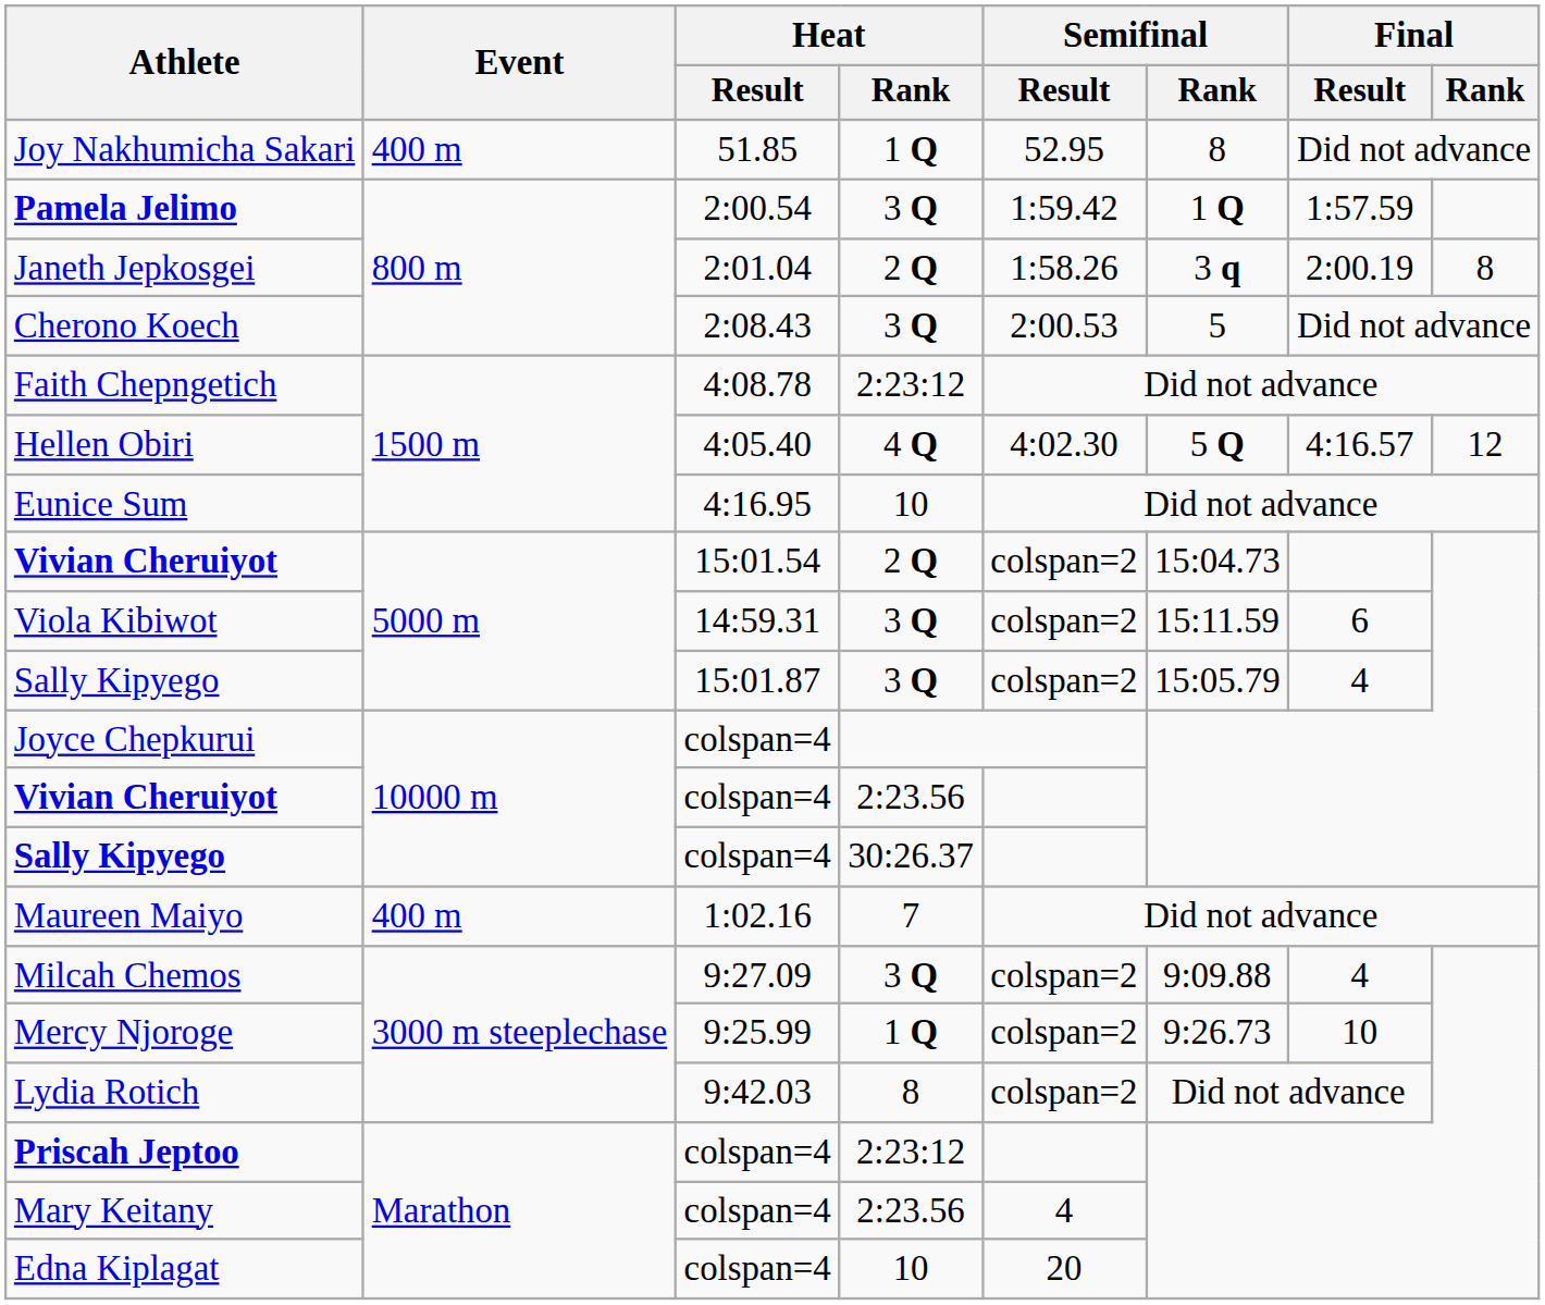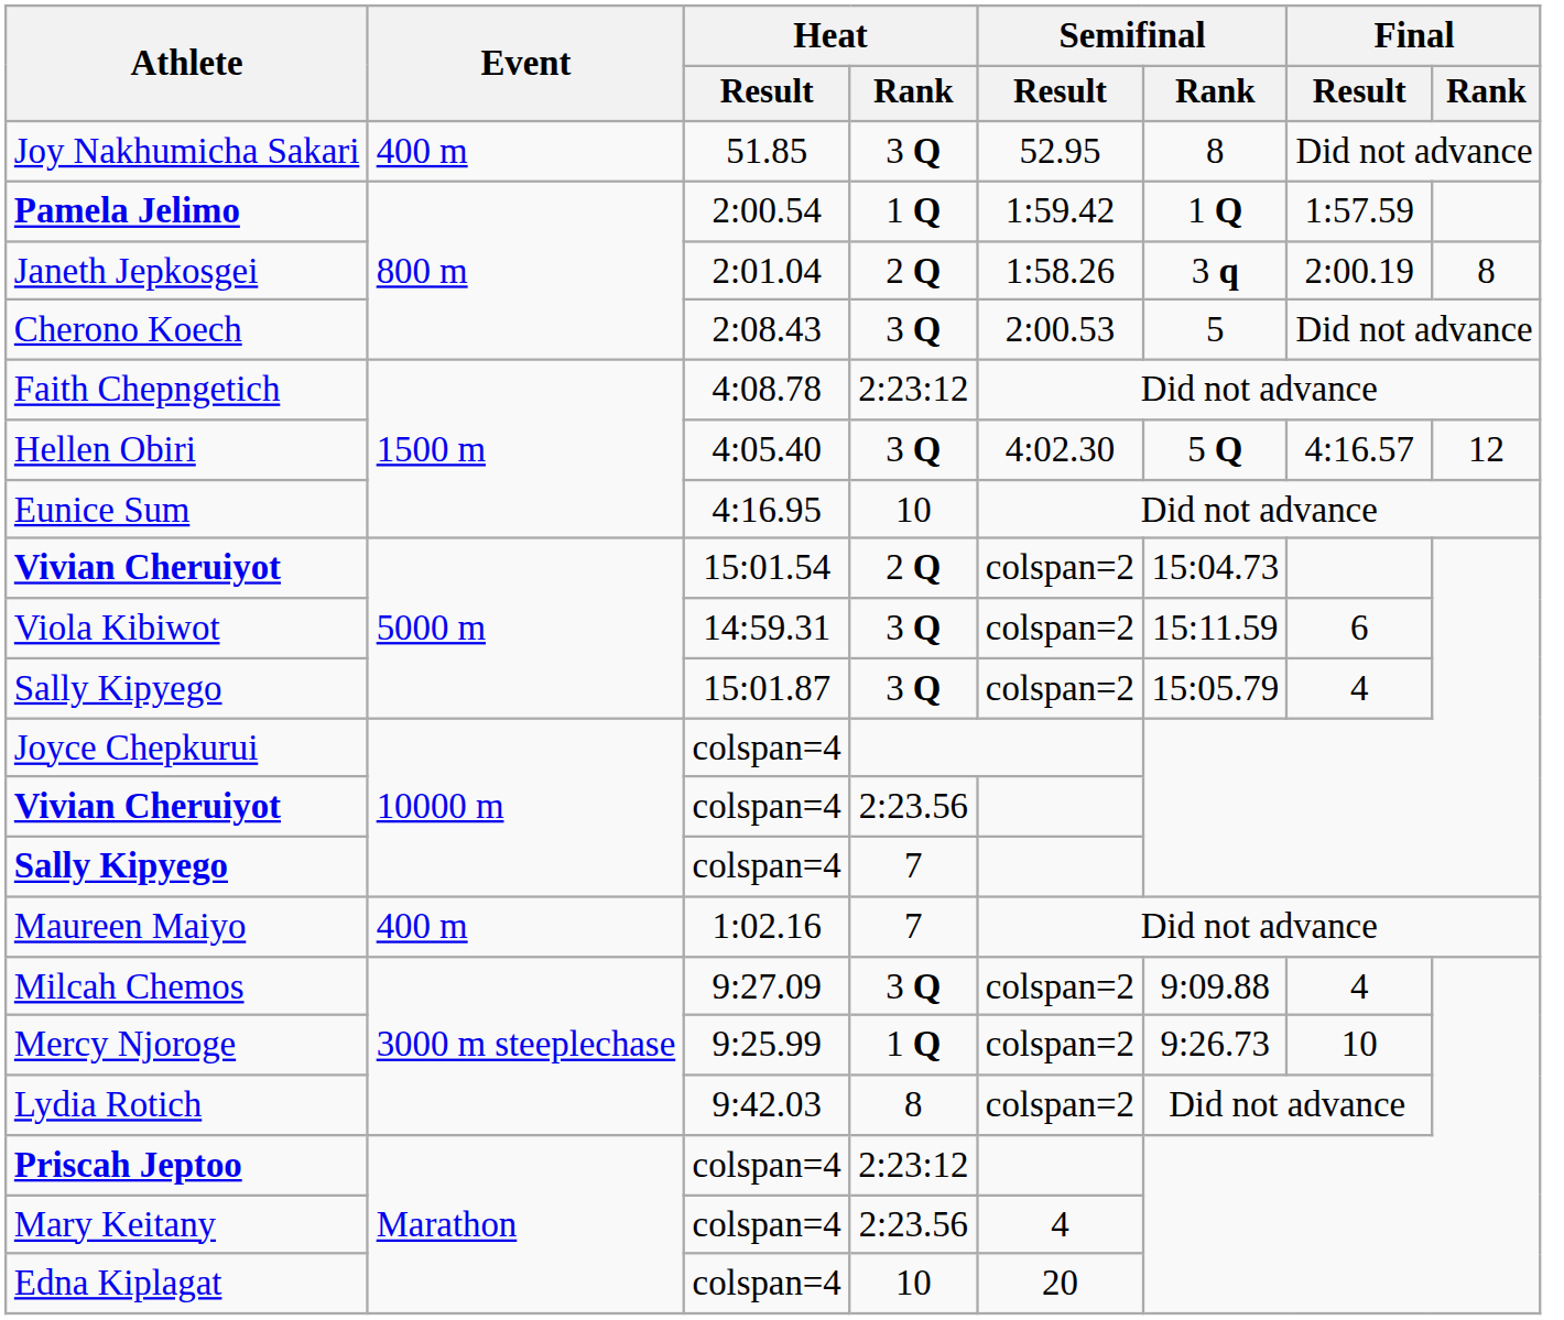 <table class="wikitable" style="font-size:90%">
 <tr>
 <th rowspan="2">Athlete</th>
 <th rowspan="2">Event</th>
 <th colspan="2">Heat</th>
 <th colspan="2">Semifinal</th>
 <th colspan="2">Final</th>
 </tr>
 <tr style="font-size:95%">
 <th>Result</th>
 <th>Rank</th>
 <th>Result</th>
 <th>Rank</th>
 <th>Result</th>
 <th>Rank</th>
 </tr>
 <tr align=center>
 <td align=left><a href='#'>Joy Nakhumicha Sakari</a></td>
 <td align=left><a href='#'>400 m</a></td>
 <td>51.85</td>
-<td>1 <strong>Q</strong></td>
+<td>3 <strong>Q</strong></td>
 <td>52.95</td>
 <td>8</td>
 <td colspan=2>Did not advance</td>
 </tr>
 <tr align=center>
 <td align=left><strong><a href='#'>Pamela Jelimo</a></strong></td>
 <td align=left rowspan=3><a href='#'>800 m</a></td>
 <td>2:00.54</td>
-<td>3 <strong>Q</strong></td>
+<td>1 <strong>Q</strong></td>
 <td>1:59.42</td>
 <td>1 <strong>Q</strong></td>
 <td>1:57.59</td>
 <td></td>
 </tr>
 <tr align=center>
 <td align=left><a href='#'>Janeth Jepkosgei</a></td>
 <td>2:01.04</td>
 <td>2 <strong>Q</strong></td>
 <td>1:58.26</td>
 <td>3 <strong>q</strong></td>
 <td>2:00.19</td>
 <td>8</td>
 </tr>
 <tr align=center>
 <td align=left><a href='#'>Cherono Koech</a></td>
 <td>2:08.43</td>
 <td>3 <strong>Q</strong></td>
 <td>2:00.53</td>
 <td>5</td>
 <td colspan=2>Did not advance</td>
 </tr>
 <tr align=center>
 <td align=left><a href='#'>Faith Chepngetich</a></td>
 <td align=left rowspan=3><a href='#'>1500 m</a></td>
 <td>4:08.78</td>
 <td>2:23:12</td>
 <td colspan=4>Did not advance</td>
 </tr>
 <tr align=center>
 <td align=left><a href='#'>Hellen Obiri</a></td>
 <td>4:05.40</td>
-<td>4 <strong>Q</strong></td>
+<td>3 <strong>Q</strong></td>
 <td>4:02.30</td>
 <td>5 <strong>Q</strong></td>
 <td>4:16.57</td>
 <td>12</td>
 </tr>
 <tr align=center>
 <td align=left><a href='#'>Eunice Sum</a></td>
 <td>4:16.95</td>
 <td>10</td>
 <td colspan=4>Did not advance</td>
 </tr>
 <tr align=center>
 <td align=left><strong><a href='#'>Vivian Cheruiyot</a></strong></td>
 <td align=left rowspan=3><a href='#'>5000 m</a></td>
 <td>15:01.54</td>
 <td>2 <strong>Q</strong></td>
 <td>colspan=2 </td>
 <td>15:04.73</td>
 <td></td>
 </tr>
 <tr align=center>
 <td align=left><a href='#'>Viola Kibiwot</a></td>
 <td>14:59.31</td>
 <td>3 <strong>Q</strong></td>
 <td>colspan=2 </td>
 <td>15:11.59</td>
 <td>6</td>
 </tr>
 <tr align=center>
 <td align=left><a href='#'>Sally Kipyego</a></td>
 <td>15:01.87</td>
 <td>3 <strong>Q</strong></td>
 <td>colspan=2 </td>
 <td>15:05.79</td>
 <td>4</td>
 </tr>
 <tr align=center>
 <td align=left><a href='#'>Joyce Chepkurui</a></td>
 <td align=left rowspan=3><a href='#'>10000 m</a></td>
 <td>colspan=4 </td>
 <td colspan=2></td>
 </tr>
 <tr align=center>
 <td align=left><strong><a href='#'>Vivian Cheruiyot</a></strong></td>
 <td>colspan=4 </td>
 <td>2:23.56</td>
 <td></td>
 </tr>
 <tr align=center>
 <td align=left><strong><a href='#'>Sally Kipyego</a></strong></td>
 <td>colspan=4 </td>
-<td>30:26.37</td>
+<td>7</td>
 <td></td>
 </tr>
 <tr align=center>
 <td align=left><a href='#'>Maureen Maiyo</a></td>
 <td align=left><a href='#'>400 m</a></td>
 <td>1:02.16</td>
 <td>7</td>
 <td colspan=4>Did not advance</td>
 </tr>
 <tr align=center>
 <td align=left><a href='#'>Milcah Chemos</a></td>
 <td align=left rowspan=3><a href='#'>3000 m steeplechase</a></td>
 <td>9:27.09</td>
 <td>3 <strong>Q</strong></td>
 <td>colspan=2 </td>
 <td>9:09.88</td>
 <td>4</td>
 </tr>
 <tr align=center>
 <td align=left><a href='#'>Mercy Njoroge</a></td>
 <td>9:25.99</td>
 <td>1 <strong>Q</strong></td>
 <td>colspan=2 </td>
 <td>9:26.73</td>
 <td>10</td>
 </tr>
 <tr align=center>
 <td align=left><a href='#'>Lydia Rotich</a></td>
 <td>9:42.03</td>
 <td>8</td>
 <td>colspan=2 </td>
 <td colspan=2>Did not advance</td>
 </tr>
 <tr align=center>
 <td align=left><strong><a href='#'>Priscah Jeptoo</a></strong></td>
 <td align=left rowspan=3><a href='#'>Marathon</a></td>
 <td>colspan=4 </td>
 <td>2:23:12</td>
 <td></td>
 </tr>
 <tr align=center>
 <td align=left><a href='#'>Mary Keitany</a></td>
 <td>colspan=4 </td>
 <td>2:23.56</td>
 <td>4</td>
 </tr>
 <tr align=center>
 <td align=left><a href='#'>Edna Kiplagat</a></td>
 <td>colspan=4 </td>
 <td>10</td>
 <td>20</td>
 </tr>
 </table>
